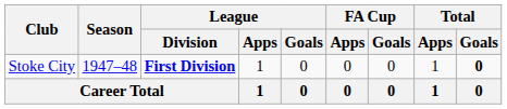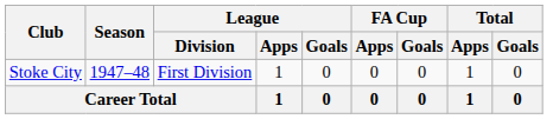 <table class="wikitable" style="text-align: center;">
 <tr>
 <th rowspan="2">Club</th>
 <th rowspan="2">Season</th>
 <th colspan="3">League</th>
 <th colspan="2">FA Cup</th>
 <th colspan="2">Total</th>
 </tr>
 <tr>
 <th>Division</th>
 <th>Apps</th>
 <th>Goals</th>
 <th>Apps</th>
 <th>Goals</th>
 <th>Apps</th>
 <th>Goals</th>
 </tr>
 <tr>
 <td><a href='#'>Stoke City</a></td>
 <td><a href='#'>1947–48</a></td>
-<td><strong><a href='#'>First Division</a></strong></td>
+<td><a href='#'>First Division</a></td>
 <td>1</td>
 <td>0</td>
 <td>0</td>
 <td>0</td>
 <td>1</td>
-<td><strong>0</strong></td>
+<td>0</td>
 </tr>
 <tr>
 <th colspan="3">Career Total</th>
 <th>1</th>
 <th>0</th>
 <th>0</th>
 <th>0</th>
 <th>1</th>
 <th>0</th>
 </tr>
 </table>
